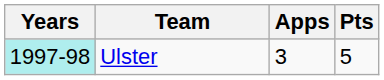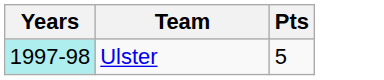 <table class="wikitable" style="text-align:left;">
 <tr>
 <th>Years</th>
 <th width=120px>Team</th>
-<th>Apps</th>
 <th>Pts</th>
 </tr>
 <tr>
 <td style="background: paleturquoise;">1997-98</td>
 <td><a href='#'>Ulster</a></td>
-<td>3</td>
 <td>5</td>
 </tr>
 </table>
